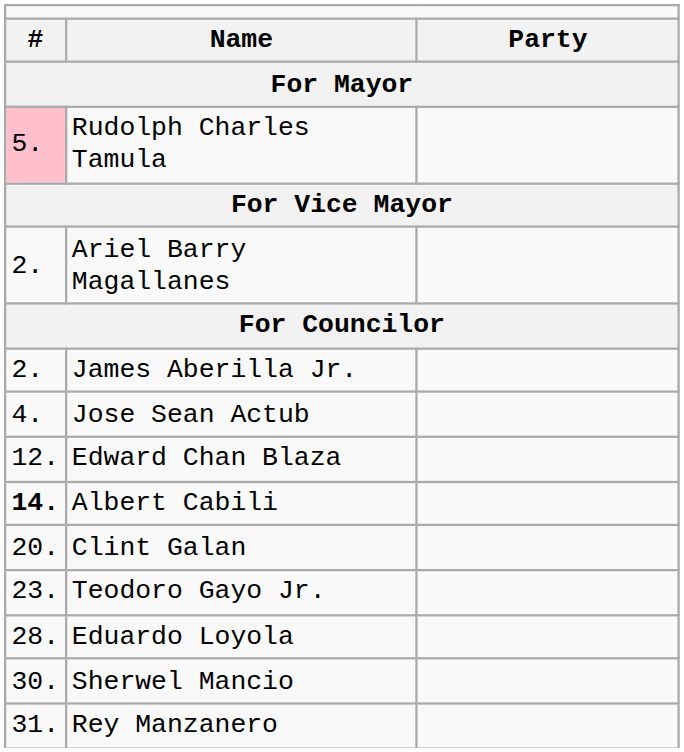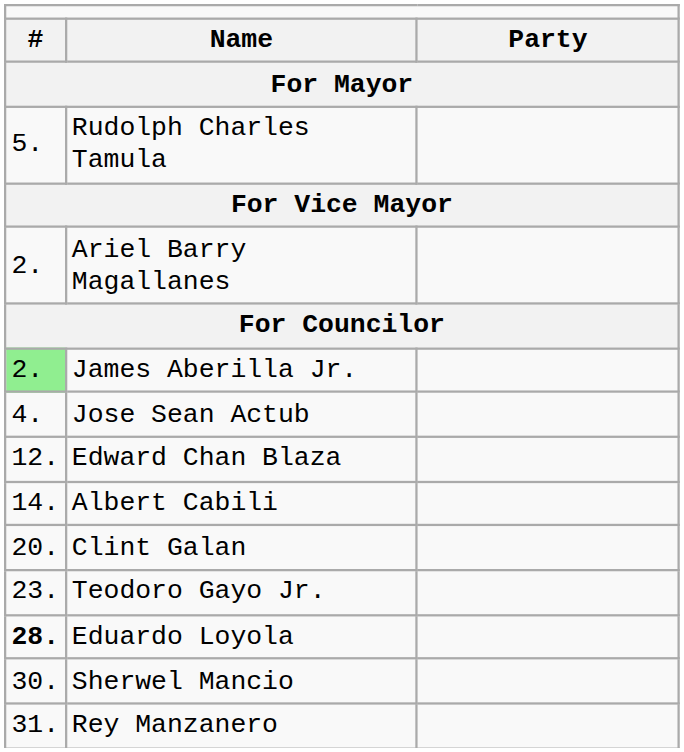 <table class=wikitable style="font-size:90%">
 <tr>
 <td colspan=4 bgcolor=></td>
 </tr>
 <tr>
 <th>#</th>
 <th width=150px>Name</th>
 <th colspan=2 width=110px>Party</th>
 </tr>
 <tr>
 <th colspan=5>For Mayor</th>
 </tr>
 <tr>
-<td style="background: pink;">5.</td>
+<td>5.</td>
 <td>Rudolph Charles Tamula</td>
 <td></td>
 </tr>
 <tr>
 <th colspan=5>For Vice Mayor</th>
 </tr>
 <tr>
 <td>2.</td>
 <td>Ariel Barry Magallanes</td>
 <td></td>
 </tr>
 <tr>
 <th colspan=5>For Councilor</th>
 </tr>
 <tr>
-<td>2.</td>
+<td style="background: lightgreen;">2.</td>
 <td>James Aberilla Jr.</td>
 <td></td>
 </tr>
 <tr>
 <td>4.</td>
 <td>Jose Sean Actub</td>
 <td></td>
 </tr>
 <tr>
 <td>12.</td>
 <td>Edward Chan Blaza</td>
 <td></td>
 </tr>
 <tr>
-<td><strong>14.</strong></td>
+<td>14.</td>
 <td>Albert Cabili</td>
 <td></td>
 </tr>
 <tr>
 <td>20.</td>
 <td>Clint Galan</td>
 <td></td>
 </tr>
 <tr>
 <td>23.</td>
 <td>Teodoro Gayo Jr.</td>
 <td></td>
 </tr>
 <tr>
-<td>28.</td>
+<td><strong>28.</strong></td>
 <td>Eduardo Loyola</td>
 <td></td>
 </tr>
 <tr>
 <td>30.</td>
 <td>Sherwel Mancio</td>
 <td></td>
 </tr>
 <tr>
 <td>31.</td>
 <td>Rey Manzanero</td>
 <td></td>
 </tr>
 </table>
